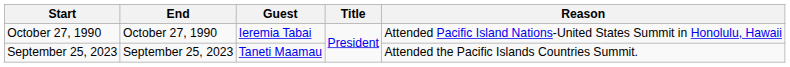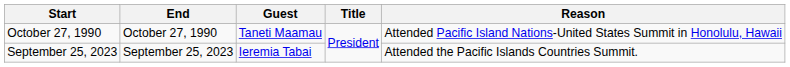 <table class="wikitable sortable">
 <tr>
 <th>Start</th>
 <th>End</th>
 <th>Guest</th>
 <th>Title</th>
 <th>Reason</th>
 </tr>
 <tr>
 <td>October 27, 1990</td>
 <td>October 27, 1990</td>
-<td><a href='#'>Ieremia Tabai</a></td>
+<td><a href='#'>Taneti Maamau</a></td>
 <td rowspan=2><a href='#'>President</a></td>
 <td>Attended <a href='#'>Pacific Island Nations</a>-United States Summit in <a href='#'>Honolulu, Hawaii</a></td>
 </tr>
 <tr>
 <td>September 25, 2023</td>
 <td>September 25, 2023</td>
-<td><a href='#'>Taneti Maamau</a></td>
+<td><a href='#'>Ieremia Tabai</a></td>
 <td>Attended the Pacific Islands Countries Summit.</td>
 </tr>
 </table>
